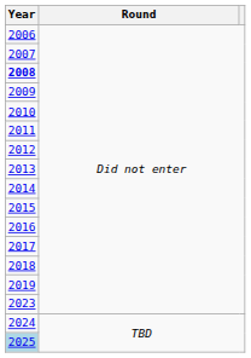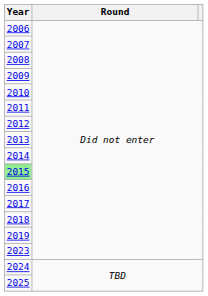 <table class="wikitable" style="text-align: center; font-size:90%">
 <tr>
 <th>Year</th>
 <th style="width:200px">Round</th>
 <th></th>
 </tr>
 <tr>
 <td><a href='#'>2006</a></td>
 <td colspan="2" rowspan="15"><em>Did not enter</em></td>
 </tr>
 <tr>
 <td><a href='#'>2007</a></td>
 </tr>
 <tr>
-<td><strong><a href='#'>2008</a></strong></td>
+<td><a href='#'>2008</a></td>
 </tr>
 <tr>
 <td><a href='#'>2009</a></td>
 </tr>
 <tr>
 <td><a href='#'>2010</a></td>
 </tr>
 <tr>
 <td><a href='#'>2011</a></td>
 </tr>
 <tr>
 <td><a href='#'>2012</a></td>
 </tr>
 <tr>
 <td><a href='#'>2013</a></td>
 </tr>
 <tr>
 <td><a href='#'>2014</a></td>
 </tr>
 <tr>
-<td><a href='#'>2015</a></td>
+<td style="background: lightgreen;"><a href='#'>2015</a></td>
 </tr>
 <tr>
 <td><a href='#'>2016</a></td>
 </tr>
 <tr>
 <td><a href='#'>2017</a></td>
 </tr>
 <tr>
 <td><a href='#'>2018</a></td>
 </tr>
 <tr>
 <td><a href='#'>2019</a></td>
 </tr>
 <tr>
 <td><a href='#'>2023</a></td>
 </tr>
 <tr>
 <td><a href='#'>2024</a></td>
 <td colspan="2" rowspan="2"><em>TBD</em></td>
 </tr>
 <tr>
-<td style="background: lightblue;"><a href='#'>2025</a></td>
+<td><a href='#'>2025</a></td>
 </tr>
 </table>
